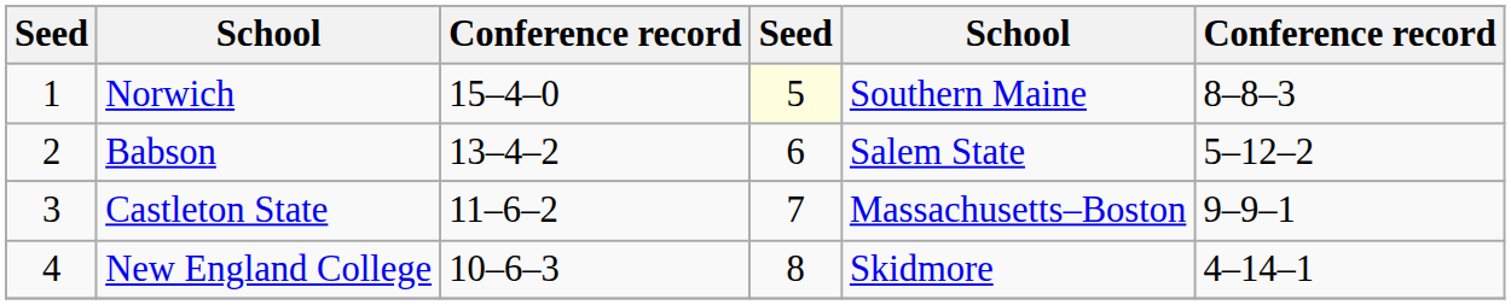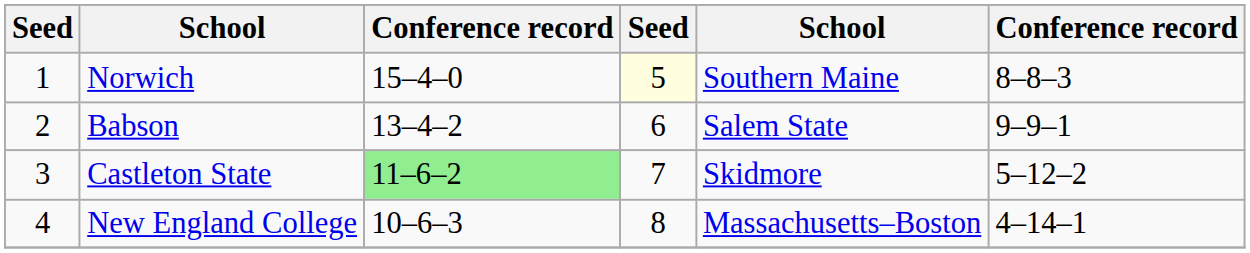 <table class="wikitable">
 <tr>
 <th>Seed</th>
 <th>School</th>
 <th>Conference record</th>
 <th>Seed</th>
 <th>School</th>
 <th>Conference record</th>
 </tr>
 <tr>
 <td align=center>1</td>
 <td><a href='#'>Norwich</a></td>
 <td>15–4–0</td>
 <td align=center style="background: lightyellow;">5</td>
 <td><a href='#'>Southern Maine</a></td>
 <td>8–8–3</td>
 </tr>
 <tr>
 <td align=center>2</td>
 <td><a href='#'>Babson</a></td>
 <td>13–4–2</td>
 <td align=center>6</td>
 <td><a href='#'>Salem State</a></td>
-<td>5–12–2</td>
+<td>9–9–1</td>
 </tr>
 <tr>
 <td align=center>3</td>
 <td><a href='#'>Castleton State</a></td>
-<td>11–6–2</td>
+<td style="background: lightgreen;">11–6–2</td>
 <td align=center>7</td>
-<td><a href='#'>Massachusetts–Boston</a></td>
-<td>9–9–1</td>
+<td><a href='#'>Skidmore</a></td>
+<td>5–12–2</td>
 </tr>
 <tr>
 <td align=center>4</td>
 <td><a href='#'>New England College</a></td>
 <td>10–6–3</td>
 <td align=center>8</td>
-<td><a href='#'>Skidmore</a></td>
+<td><a href='#'>Massachusetts–Boston</a></td>
 <td>4–14–1</td>
 </tr>
 <tr>
 </tr>
 </table>
